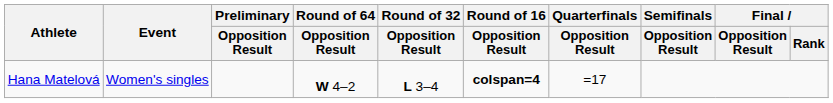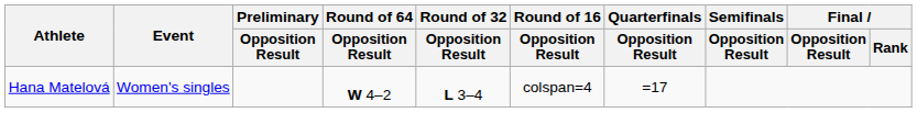 <table class=wikitable style=font-size:90%;text-align:center>
 <tr>
 <th rowspan=2>Athlete</th>
 <th rowspan=2>Event</th>
 <th>Preliminary</th>
 <th>Round of 64</th>
 <th>Round of 32</th>
 <th>Round of 16</th>
 <th>Quarterfinals</th>
 <th>Semifinals</th>
 <th colspan=2>Final / </th>
 </tr>
 <tr style="font-size:95%">
 <th>Opposition<br>Result</th>
 <th>Opposition<br>Result</th>
 <th>Opposition<br>Result</th>
 <th>Opposition<br>Result</th>
 <th>Opposition<br>Result</th>
 <th>Opposition<br>Result</th>
 <th>Opposition<br>Result</th>
 <th>Rank</th>
 </tr>
 <tr>
 <td align=left><a href='#'>Hana Matelová</a></td>
 <td align=left><a href='#'>Women's singles</a></td>
 <td></td>
 <td><br><strong>W</strong> 4–2</td>
 <td><br><strong>L</strong> 3–4</td>
-<td><strong>colspan=4 </strong></td>
+<td>colspan=4 </td>
 <td>=17</td>
 </tr>
 </table>
